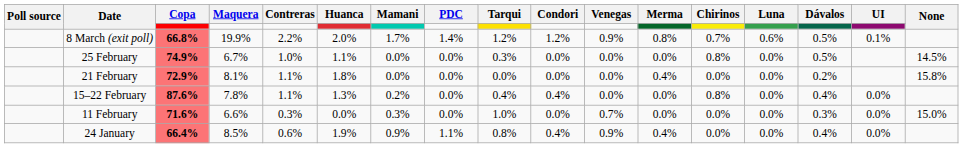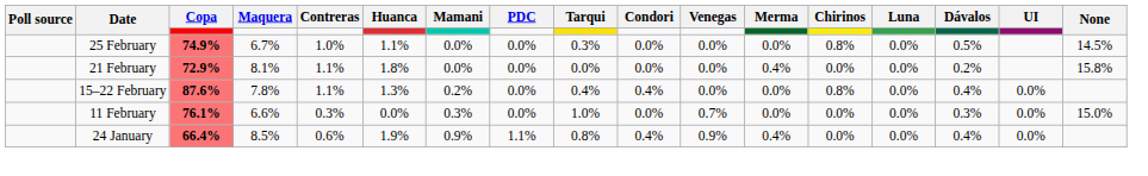 <table class="wikitable" style="font-size: 90%; text-align:center;">
 <tr>
 <th rowspan=2>Poll source</th>
 <th rowspan=2>Date</th>
 <th style="width:60px"><a href='#'>Copa</a></th>
 <th style="width:60px"><a href='#'>Maquera</a></th>
 <th style="width:60px">Contreras</th>
 <th style="width:60px">Huanca</th>
 <th style="width:60px">Mamani</th>
 <th style="width:60px"><a href='#'>PDC</a></th>
 <th style="width:60px">Tarqui</th>
 <th style="width:60px">Condori</th>
 <th style="width:60px">Venegas</th>
 <th style="width:60px">Merma</th>
 <th style="width:60px">Chirinos</th>
 <th style="width:60px">Luna</th>
 <th style="width:60px">Dávalos</th>
 <th style="width:60px">UI</th>
 <th style="width:60px" rowspan=2>None</th>
 </tr>
 <tr>
 <td style="background:#FD0002;"></td>
 <td style="background:"></td>
 <td style="background:"></td>
 <td style="background:#E02D33;"></td>
 <td style="background:#01C9AF;"></td>
 <td style="background:"></td>
 <td style="background:#FDE102;"></td>
 <td style="background:"></td>
 <td style="background:"></td>
 <td style="background:#046629;"></td>
 <td style="background:#F9EC08;"></td>
 <td style="background:#35A04D;"></td>
 <td style="background:#05654A;"></td>
 <td style="background:#8D0A70;"></td>
-</tr>
-<tr>
-<td></td>
-<td>8 March <em>(exit poll)</em></td>
-<td style="background:#FC7476;"><strong>66.8%</strong></td>
-<td>19.9%</td>
-<td>2.2%</td>
-<td>2.0%</td>
-<td>1.7%</td>
-<td>1.4%</td>
-<td>1.2%</td>
-<td>1.2%</td>
-<td>0.9%</td>
-<td>0.8%</td>
-<td>0.7%</td>
-<td>0.6%</td>
-<td>0.5%</td>
-<td>0.1%</td>
-<td></td>
 </tr>
 <tr>
 <td></td>
 <td>25 February</td>
 <td style="background:#FC7476;"><strong>74.9%</strong></td>
 <td>6.7%</td>
 <td>1.0%</td>
 <td>1.1%</td>
 <td>0.0%</td>
 <td>0.0%</td>
 <td>0.3%</td>
 <td>0.0%</td>
 <td>0.0%</td>
 <td>0.0%</td>
 <td>0.8%</td>
 <td>0.0%</td>
 <td>0.5%</td>
 <td></td>
 <td>14.5%</td>
 </tr>
 <tr>
 <td></td>
 <td>21 February</td>
 <td style="background:#FC7476;"><strong>72.9%</strong></td>
 <td>8.1%</td>
 <td>1.1%</td>
 <td>1.8%</td>
 <td>0.0%</td>
 <td>0.0%</td>
 <td>0.0%</td>
 <td>0.0%</td>
 <td>0.0%</td>
 <td>0.4%</td>
 <td>0.0%</td>
 <td>0.0%</td>
 <td>0.2%</td>
 <td></td>
 <td>15.8%</td>
 </tr>
 <tr>
 <td></td>
 <td>15–22 February</td>
 <td style="background:#FC7476;"><strong>87.6%</strong></td>
 <td>7.8%</td>
 <td>1.1%</td>
 <td>1.3%</td>
 <td>0.2%</td>
 <td>0.0%</td>
 <td>0.4%</td>
 <td>0.4%</td>
 <td>0.0%</td>
 <td>0.0%</td>
 <td>0.8%</td>
 <td>0.0%</td>
 <td>0.4%</td>
 <td>0.0%</td>
 <td></td>
 </tr>
 <tr>
 <td></td>
 <td>11 February</td>
-<td style="background:#FC7476;"><strong>71.6%</strong></td>
+<td style="background:#FC7476;"><strong>76.1%</strong></td>
 <td>6.6%</td>
 <td>0.3%</td>
 <td>0.0%</td>
 <td>0.3%</td>
 <td>0.0%</td>
 <td>1.0%</td>
 <td>0.0%</td>
 <td>0.7%</td>
 <td>0.0%</td>
 <td>0.0%</td>
 <td>0.0%</td>
 <td>0.3%</td>
 <td>0.0%</td>
 <td>15.0%</td>
 </tr>
 <tr>
 <td></td>
 <td>24 January</td>
 <td style="background:#FC7476;"><strong>66.4%</strong></td>
 <td>8.5%</td>
 <td>0.6%</td>
 <td>1.9%</td>
 <td>0.9%</td>
 <td>1.1%</td>
 <td>0.8%</td>
 <td>0.4%</td>
 <td>0.9%</td>
 <td>0.4%</td>
 <td>0.0%</td>
 <td>0.0%</td>
 <td>0.4%</td>
 <td>0.0%</td>
 <td></td>
 </tr>
 </table>
